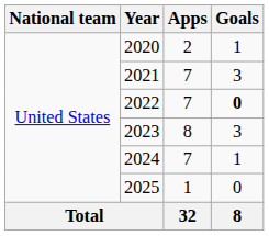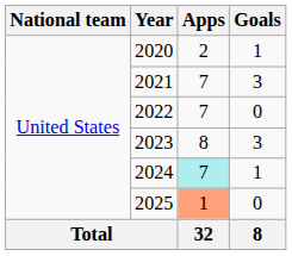 <table class="wikitable" style="text-align:center">
 <tr>
 <th>National team</th>
 <th>Year</th>
 <th>Apps</th>
 <th>Goals</th>
 </tr>
 <tr>
 <td rowspan="6"><a href='#'>United States</a></td>
 <td>2020</td>
 <td>2</td>
 <td>1</td>
 </tr>
 <tr>
 <td>2021</td>
 <td>7</td>
 <td>3</td>
 </tr>
 <tr>
 <td>2022</td>
 <td>7</td>
-<td><strong>0</strong></td>
+<td>0</td>
 </tr>
 <tr>
 <td>2023</td>
 <td>8</td>
 <td>3</td>
 </tr>
 <tr>
 <td>2024</td>
-<td>7</td>
+<td style="background: paleturquoise;">7</td>
 <td>1</td>
 </tr>
 <tr>
 <td>2025</td>
-<td>1</td>
+<td style="background: lightsalmon;">1</td>
 <td>0</td>
 </tr>
 <tr>
 <th colspan="2">Total</th>
 <th>32</th>
 <th>8</th>
 </tr>
 </table>
